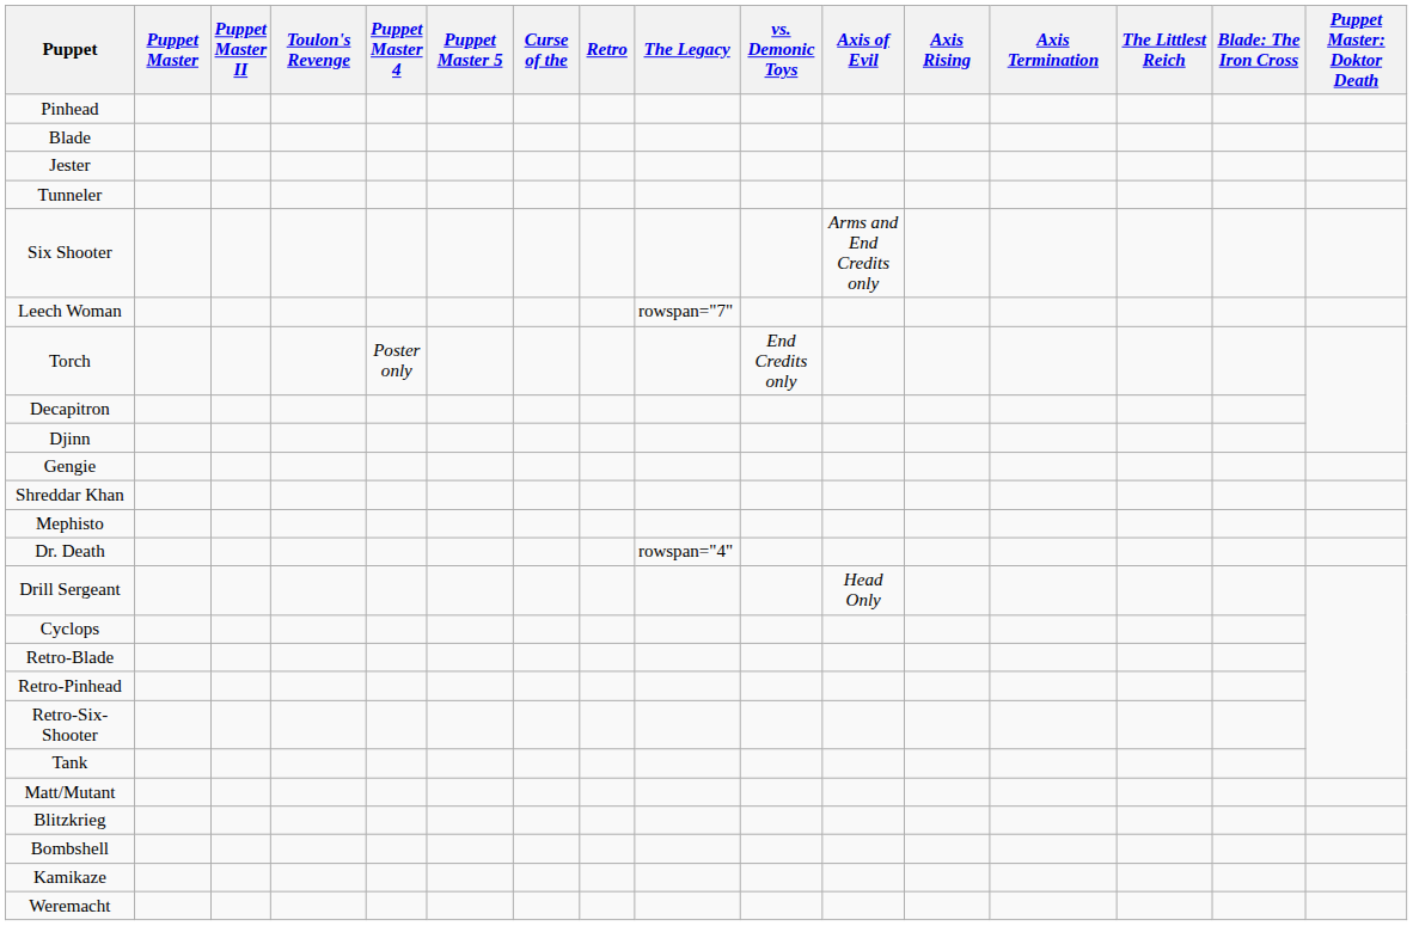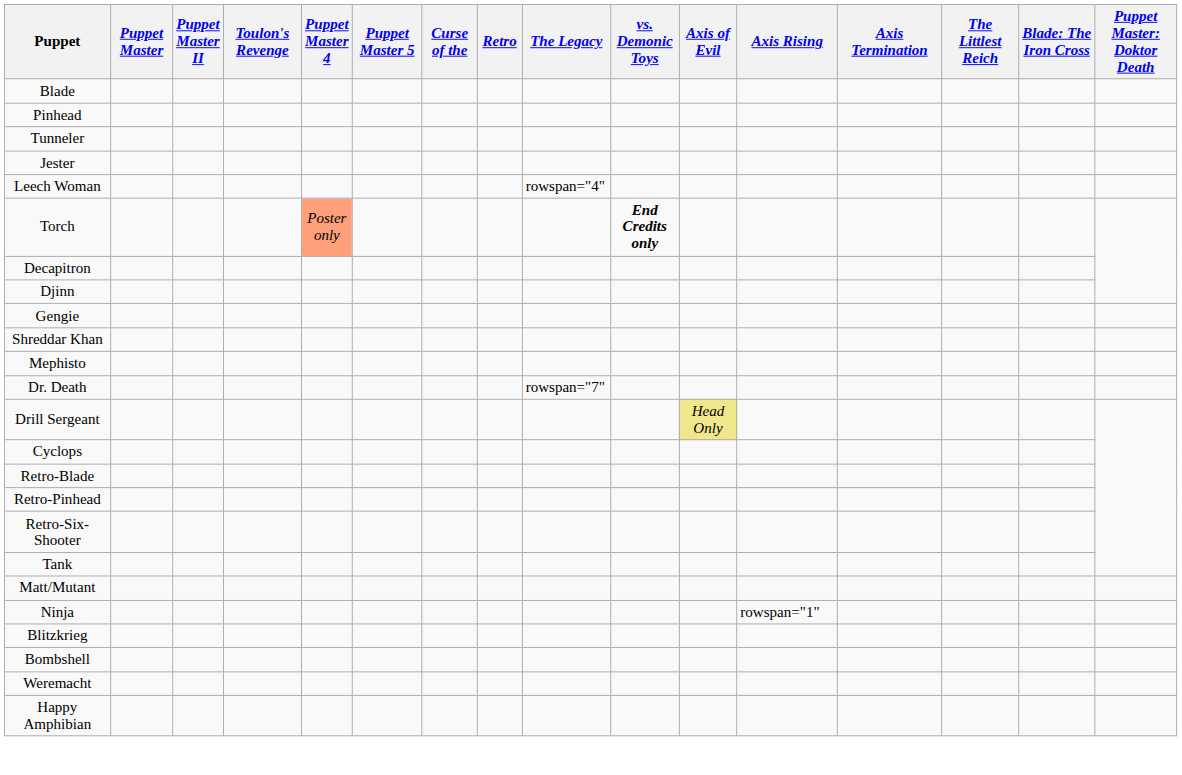 <table class="wikitable sortable">
 <tr>
 <th width=200>Puppet</th>
 <th align="center" width=110><em><a href='#'>Puppet Master</a></em></th>
 <th align="center" width=30><em><a href='#'>Puppet Master II</a></em></th>
 <th align="center" width=150><em><a href='#'>Toulon's Revenge</a></em></th>
 <th align="center" width=30><em><a href='#'>Puppet Master 4</a></em></th>
 <th align="center" width=150><em><a href='#'>Puppet Master 5</a></em></th>
 <th align="center" width=97><em><a href='#'>Curse of the</a></em></th>
 <th align="center" width=57><em><a href='#'>Retro</a></em></th>
 <th align="center" width=95><em><a href='#'>The Legacy</a></em></th>
 <th align="center" width=90><em><a href='#'>vs. Demonic Toys</a></em></th>
 <th align="center" width=130><em><a href='#'>Axis of Evil</a></em></th>
 <th align="center" width=160><em><a href='#'>Axis Rising</a></em></th>
 <th align="center" width=190><em><a href='#'>Axis Termination</a></em></th>
 <th align="center" width=190><em><a href='#'>The Littlest Reich</a></em></th>
 <th align="center" width=190><em><a href='#'>Blade: The Iron Cross</a></em></th>
 <th align="center" width=190><em><a href='#'>Puppet Master: Doktor Death</a></em></th>
 </tr>
 <tr>
+<td align="center">Blade</td>
+<td align="center"></td>
+<td align="center"></td>
+<td align="center"></td>
+<td align="center"></td>
+<td align="center"></td>
+<td align="center"></td>
+<td align="center"></td>
+<td align="center"></td>
+<td align="center"></td>
+<td align="center"></td>
+<td align="center"></td>
+<td align="center"></td>
+<td align="center"></td>
+<td align="center"></td>
+<td align="center"></td>
+</tr>
+<tr>
 <td align="center">Pinhead</td>
 <td align="center"></td>
 <td align="center"></td>
 <td align="center"></td>
 <td align="center"></td>
 <td align="center"></td>
 <td align="center"></td>
 <td align="center"></td>
 <td align="center"></td>
 <td align="center"></td>
 <td align="center"></td>
 <td align="center"></td>
 <td align="center"></td>
 <td align="center"></td>
 <td align="center"></td>
 <td align="center"></td>
 </tr>
 <tr>
-<td align="center">Blade</td>
+<td align="center">Tunneler</td>
 <td align="center"></td>
 <td align="center"></td>
 <td align="center"></td>
 <td align="center"></td>
 <td align="center"></td>
 <td align="center"></td>
 <td align="center"></td>
 <td align="center"></td>
 <td align="center"></td>
 <td align="center"></td>
 <td align="center"></td>
 <td align="center"></td>
 <td align="center"></td>
 <td align="center"></td>
 <td align="center"></td>
 </tr>
 <tr>
 <td align="center">Jester</td>
 <td align="center"></td>
 <td align="center"></td>
 <td align="center"></td>
 <td align="center"></td>
 <td align="center"></td>
 <td align="center"></td>
 <td align="center"></td>
 <td align="center"></td>
 <td align="center"></td>
 <td align="center"></td>
 <td align="center"></td>
 <td align="center"></td>
 <td align="center"></td>
 <td align="center"></td>
 <td align="center"></td>
 </tr>
 <tr>
-<td align="center">Tunneler</td>
-<td align="center"></td>
-<td align="center"></td>
-<td align="center"></td>
-<td align="center"></td>
-<td align="center"></td>
-<td align="center"></td>
-<td align="center"></td>
-<td align="center"></td>
-<td align="center"></td>
-<td align="center"></td>
-<td align="center"></td>
-<td align="center"></td>
-<td align="center"></td>
-<td align="center"></td>
-<td align="center"></td>
-</tr>
-<tr>
-<td align="center">Six Shooter</td>
-<td align="center"></td>
-<td align="center"></td>
-<td align="center"></td>
-<td align="center"></td>
-<td align="center"></td>
-<td align="center"></td>
-<td align="center"></td>
-<td align="center"></td>
-<td align="center"></td>
-<td align="center"><em>Arms and End Credits only</em></td>
-<td align="center"></td>
-<td align="center"></td>
-<td align="center"></td>
-<td align="center"></td>
-<td align="center"></td>
-</tr>
-<tr>
 <td align="center">Leech Woman</td>
 <td align="center"></td>
 <td align="center"></td>
 <td align="center"></td>
 <td align="center"></td>
 <td align="center"></td>
 <td align="center"></td>
 <td align="center"></td>
-<td>rowspan="7" </td>
+<td>rowspan="4" </td>
 <td align="center"></td>
 <td align="center"></td>
 <td align="center"></td>
 <td align="center"></td>
 <td align="center"></td>
 <td align="center"></td>
 <td align="center"></td>
 </tr>
 <tr>
 <td align="center">Torch</td>
 <td align="center"></td>
 <td align="center"></td>
 <td align="center"></td>
-<td align="center"><em>Poster only</em></td>
+<td align="center" style="background: lightsalmon;"><em>Poster only</em></td>
 <td align="center"></td>
 <td align="center"></td>
 <td align="center"></td>
 <td align="center"></td>
-<td align="center"><em>End Credits only</em></td>
+<td align="center"><strong><em>End Credits only</em></strong></td>
 <td align="center"></td>
 <td align="center"></td>
 <td align="center"></td>
 <td align="center"></td>
 <td align="center"></td>
 </tr>
 <tr>
 <td align="center">Decapitron</td>
 <td align="center"></td>
 <td align="center"></td>
 <td align="center"></td>
 <td align="center"></td>
 <td align="center"></td>
 <td align="center"></td>
 <td align="center"></td>
 <td align="center"></td>
 <td align="center"></td>
 <td align="center"></td>
 <td align="center"></td>
 <td align="center"></td>
 <td align="center"></td>
 <td align="center"></td>
 </tr>
 <tr>
 <td align="center">Djinn</td>
 <td align="center"></td>
 <td align="center"></td>
 <td align="center"></td>
 <td align="center"></td>
 <td align="center"></td>
 <td align="center"></td>
 <td align="center"></td>
 <td align="center"></td>
 <td align="center"></td>
 <td align="center"></td>
 <td align="center"></td>
 <td align="center"></td>
 <td align="center"></td>
 <td align="center"></td>
 </tr>
 <tr>
 <td align="center">Gengie</td>
 <td align="center"></td>
 <td align="center"></td>
 <td align="center"></td>
 <td align="center"></td>
 <td align="center"></td>
 <td align="center"></td>
 <td align="center"></td>
 <td align="center"></td>
 <td align="center"></td>
 <td align="center"></td>
 <td align="center"></td>
 <td align="center"></td>
 <td align="center"></td>
 <td align="center"></td>
 <td align="center"></td>
 </tr>
 <tr>
 <td align="center">Shreddar Khan</td>
 <td align="center"></td>
 <td align="center"></td>
 <td align="center"></td>
 <td align="center"></td>
 <td align="center"></td>
 <td align="center"></td>
 <td align="center"></td>
 <td align="center"></td>
 <td align="center"></td>
 <td align="center"></td>
 <td align="center"></td>
 <td align="center"></td>
 <td align="center"></td>
 <td align="center"></td>
 <td align="center"></td>
 </tr>
 <tr>
 <td align="center">Mephisto</td>
 <td align="center"></td>
 <td align="center"></td>
 <td align="center"></td>
 <td align="center"></td>
 <td align="center"></td>
 <td align="center"></td>
 <td align="center"></td>
 <td align="center"></td>
 <td align="center"></td>
 <td align="center"></td>
 <td align="center"></td>
 <td align="center"></td>
 <td align="center"></td>
 <td align="center"></td>
 <td align="center"></td>
 </tr>
 <tr>
 <td align="center">Dr. Death</td>
 <td align="center"></td>
 <td align="center"></td>
 <td align="center"></td>
 <td align="center"></td>
 <td align="center"></td>
 <td align="center"></td>
 <td align="center"></td>
-<td>rowspan="4" </td>
+<td>rowspan="7" </td>
 <td align="center"></td>
 <td align="center"></td>
 <td align="center"></td>
 <td align="center"></td>
 <td align="center"></td>
 <td align="center"></td>
 <td align="center"></td>
 </tr>
 <tr>
 <td align="center">Drill Sergeant</td>
 <td align="center"></td>
 <td align="center"></td>
 <td align="center"></td>
 <td align="center"></td>
 <td align="center"></td>
 <td align="center"></td>
 <td align="center"></td>
 <td align="center"></td>
 <td align="center"></td>
-<td align="center"><em>Head Only</em></td>
+<td align="center" style="background: khaki;"><em>Head Only</em></td>
 <td align="center"></td>
 <td align="center"></td>
 <td align="center"></td>
 <td align="center"></td>
 </tr>
 <tr>
 <td align="center">Cyclops</td>
 <td align="center"></td>
 <td align="center"></td>
 <td align="center"></td>
 <td align="center"></td>
 <td align="center"></td>
 <td align="center"></td>
 <td align="center"></td>
 <td align="center"></td>
 <td align="center"></td>
 <td align="center"></td>
 <td align="center"></td>
 <td align="center"></td>
 <td align="center"></td>
 <td align="center"></td>
 </tr>
 <tr>
 <td align="center">Retro-Blade</td>
 <td align="center"></td>
 <td align="center"></td>
 <td align="center"></td>
 <td align="center"></td>
 <td align="center"></td>
 <td align="center"></td>
 <td align="center"></td>
 <td align="center"></td>
 <td align="center"></td>
 <td align="center"></td>
 <td align="center"></td>
 <td align="center"></td>
 <td align="center"></td>
 <td align="center"></td>
 </tr>
 <tr>
 <td align="center">Retro-Pinhead</td>
 <td align="center"></td>
 <td align="center"></td>
 <td align="center"></td>
 <td align="center"></td>
 <td align="center"></td>
 <td align="center"></td>
 <td align="center"></td>
 <td align="center"></td>
 <td align="center"></td>
 <td align="center"></td>
 <td align="center"></td>
 <td align="center"></td>
 <td align="center"></td>
 <td align="center"></td>
 </tr>
 <tr>
 <td align="center">Retro-Six-Shooter</td>
 <td align="center"></td>
 <td align="center"></td>
 <td align="center"></td>
 <td align="center"></td>
 <td align="center"></td>
 <td align="center"></td>
 <td align="center"></td>
 <td align="center"></td>
 <td align="center"></td>
 <td align="center"></td>
 <td align="center"></td>
 <td align="center"></td>
 <td align="center"></td>
 <td align="center"></td>
 </tr>
 <tr>
 <td align="center">Tank</td>
 <td align="center"></td>
 <td align="center"></td>
 <td align="center"></td>
 <td align="center"></td>
 <td align="center"></td>
 <td align="center"></td>
 <td align="center"></td>
 <td align="center"></td>
 <td align="center"></td>
 <td align="center"></td>
 <td align="center"></td>
 <td align="center"></td>
 <td align="center"></td>
 <td align="center"></td>
 </tr>
 <tr>
 <td align="center">Matt/Mutant</td>
 <td align="center"></td>
 <td align="center"></td>
 <td align="center"></td>
 <td align="center"></td>
 <td align="center"></td>
 <td align="center"></td>
 <td align="center"></td>
 <td align="center"></td>
 <td align="center"></td>
 <td align="center"></td>
 <td align="center"></td>
 <td align="center"></td>
 <td align="center"></td>
 <td align="center"></td>
 <td align="center"></td>
 </tr>
 <tr>
+<td align="center">Ninja</td>
+<td align="center"></td>
+<td align="center"></td>
+<td align="center"></td>
+<td align="center"></td>
+<td align="center"></td>
+<td align="center"></td>
+<td align="center"></td>
+<td align="center"></td>
+<td align="center"></td>
+<td align="center"></td>
+<td>rowspan="1" </td>
+<td align="center"></td>
+<td align="center"></td>
+<td align="center"></td>
+<td align="center"></td>
+</tr>
+<tr>
 <td align="center">Blitzkrieg</td>
 <td align="center"></td>
 <td align="center"></td>
 <td align="center"></td>
 <td align="center"></td>
 <td align="center"></td>
 <td align="center"></td>
 <td align="center"></td>
 <td align="center"></td>
 <td align="center"></td>
 <td align="center"></td>
 <td align="center"></td>
 <td align="center"></td>
 <td align="center"></td>
 <td align="center"></td>
 <td align="center"></td>
 </tr>
 <tr>
 <td align="center">Bombshell</td>
 <td align="center"></td>
 <td align="center"></td>
 <td align="center"></td>
 <td align="center"></td>
 <td align="center"></td>
 <td align="center"></td>
 <td align="center"></td>
 <td align="center"></td>
 <td align="center"></td>
 <td align="center"></td>
 <td align="center"></td>
 <td align="center"></td>
 <td align="center"></td>
 <td align="center"></td>
 <td align="center"></td>
 </tr>
 <tr>
-<td align="center">Kamikaze</td>
+<td align="center">Weremacht</td>
 <td align="center"></td>
 <td align="center"></td>
 <td align="center"></td>
 <td align="center"></td>
 <td align="center"></td>
 <td align="center"></td>
 <td align="center"></td>
 <td align="center"></td>
 <td align="center"></td>
 <td align="center"></td>
 <td align="center"></td>
 <td align="center"></td>
 <td align="center"></td>
 <td align="center"></td>
 <td align="center"></td>
 </tr>
 <tr>
-<td align="center">Weremacht</td>
+<td align="center">Happy Amphibian</td>
 <td align="center"></td>
 <td align="center"></td>
 <td align="center"></td>
 <td align="center"></td>
 <td align="center"></td>
 <td align="center"></td>
 <td align="center"></td>
 <td align="center"></td>
 <td align="center"></td>
 <td align="center"></td>
 <td align="center"></td>
 <td align="center"></td>
 <td align="center"></td>
 <td align="center"></td>
 <td align="center"></td>
 </tr>
 </table>
